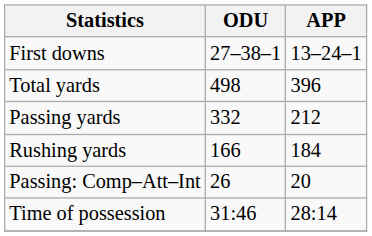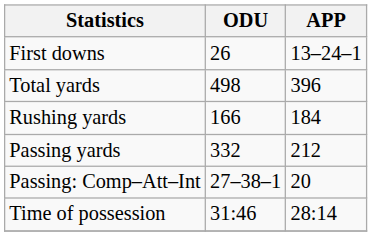 <table class="wikitable" style="float: left;">
 <tr>
 <th>Statistics</th>
 <th>ODU</th>
 <th>APP</th>
 </tr>
 <tr>
 <td>First downs</td>
-<td>27–38–1</td>
+<td>26</td>
 <td>13–24–1</td>
 </tr>
 <tr>
 <td>Total yards</td>
 <td>498</td>
 <td>396</td>
 </tr>
 <tr>
+<td>Rushing yards</td>
+<td>166</td>
+<td>184</td>
+</tr>
+<tr>
 <td>Passing yards</td>
 <td>332</td>
 <td>212</td>
 </tr>
 <tr>
-<td>Rushing yards</td>
-<td>166</td>
-<td>184</td>
-</tr>
-<tr>
 <td>Passing: Comp–Att–Int</td>
-<td>26</td>
+<td>27–38–1</td>
 <td>20</td>
 </tr>
 <tr>
 <td>Time of possession</td>
 <td>31:46</td>
 <td>28:14</td>
 </tr>
 <tr>
 </tr>
 </table>
